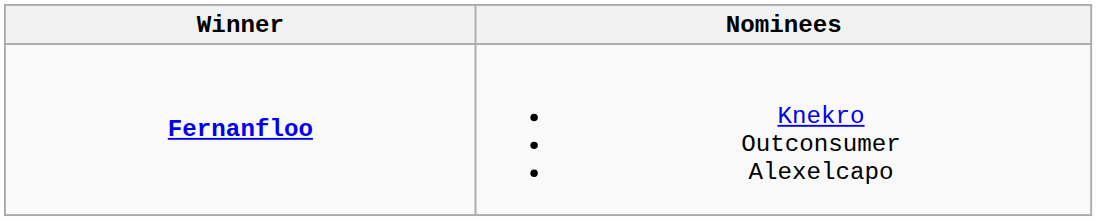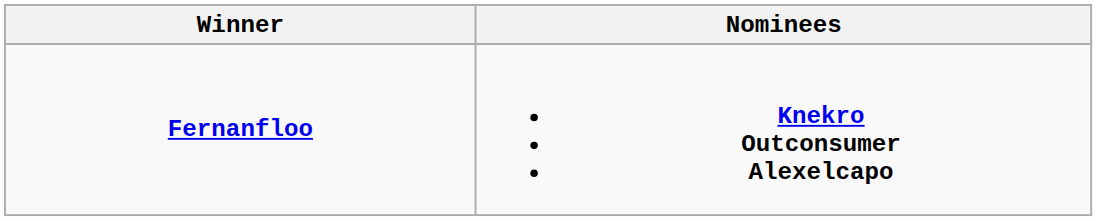 <table class="wikitable" style="text-align:center;">
 <tr>
 <th scope="col" style="width:19em;">Winner</th>
 <th scope="col" style="width:25em;">Nominees</th>
 </tr>
 <tr>
 <td><strong> <a href='#'>Fernanfloo</a></strong></td>
-<td><br><ul><li> <a href='#'>Knekro</a></li><li> Outconsumer</li><li> Alexelcapo</li></ul></td>
+<td><strong><br><ul><li> <a href='#'>Knekro</a></li><li> Outconsumer</li><li> Alexelcapo</li></ul></strong></td>
 </tr>
 </table>
